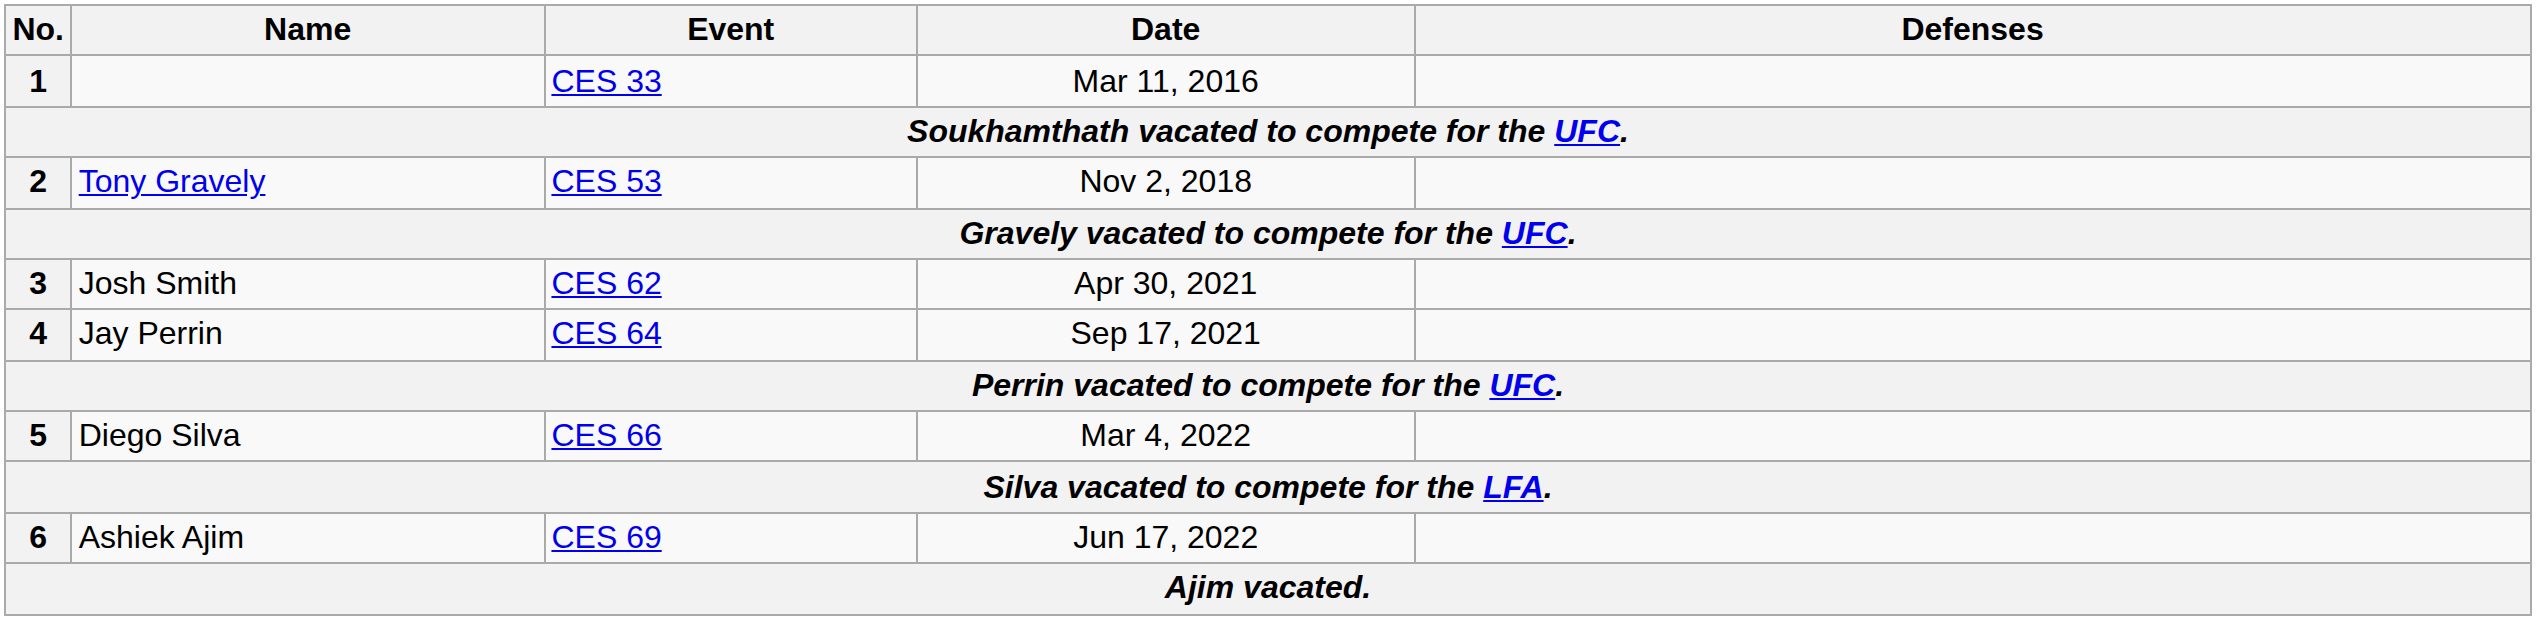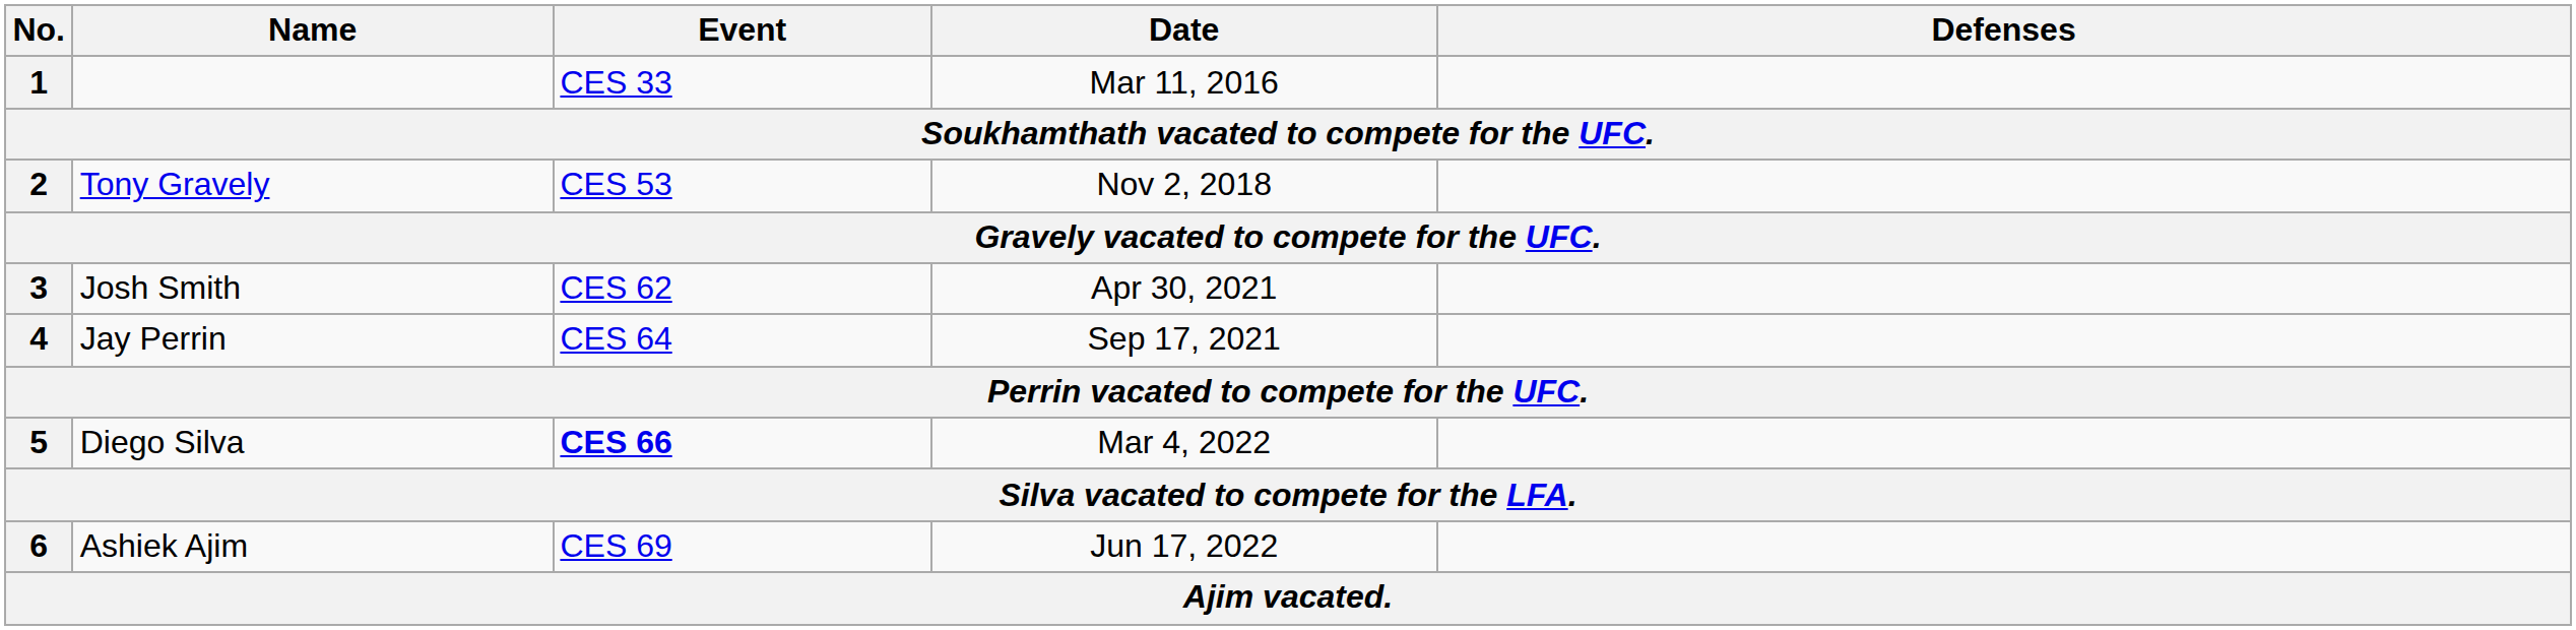 <table class="wikitable" width=100%>
 <tr>
 <th width=1%>No.</th>
 <th width=19%>Name</th>
 <th width=15%>Event</th>
 <th width=20%>Date</th>
 <th width=45%>Defenses</th>
 </tr>
 <tr>
 <th>1</th>
 <td><br></td>
 <td><a href='#'>CES 33</a><br></td>
 <td align=center>Mar 11, 2016</td>
 <td></td>
 </tr>
 <tr>
 <th colspan=6 align=center><em>Soukhamthath vacated to compete for the <a href='#'>UFC</a>.</em></th>
 </tr>
 <tr>
 <th>2</th>
 <td> <a href='#'>Tony Gravely</a><br></td>
 <td><a href='#'>CES 53</a><br></td>
 <td align=center>Nov 2, 2018</td>
 <td><br></td>
 </tr>
 <tr>
 <th colspan=6 align=center><em>Gravely vacated to compete for the <a href='#'>UFC</a>.</em></th>
 </tr>
 <tr>
 <th>3</th>
 <td> Josh Smith <br></td>
 <td><a href='#'>CES 62</a><br></td>
 <td align=center>Apr 30, 2021</td>
 <td></td>
 </tr>
 <tr>
 <th>4</th>
 <td> Jay Perrin</td>
 <td><a href='#'>CES 64</a><br></td>
 <td align=center>Sep 17, 2021</td>
 <td></td>
 </tr>
 <tr>
 <th colspan=6 align=center><em>Perrin vacated to compete for the <a href='#'>UFC</a>.</em></th>
 </tr>
 <tr>
 <th>5</th>
 <td> Diego Silva <br></td>
-<td><a href='#'>CES 66</a><br></td>
+<td><strong><a href='#'>CES 66</a><br></strong></td>
 <td align=center>Mar 4, 2022</td>
 <td></td>
 </tr>
 <tr>
 <th colspan=6 align=center><em>Silva vacated to compete for the <a href='#'>LFA</a>.</em></th>
 </tr>
 <tr>
 <th>6</th>
 <td> Ashiek Ajim <br></td>
 <td><a href='#'>CES 69</a><br></td>
 <td align=center>Jun 17, 2022</td>
 <td></td>
 </tr>
 <tr>
 <th colspan=6 align=center><em>Ajim vacated.</em></th>
 </tr>
 <tr>
 </tr>
 </table>
